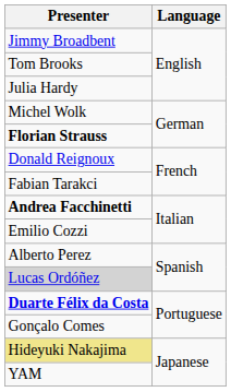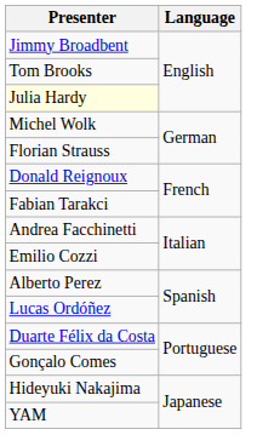 <table class="wikitable">
 <tr>
 <th>Presenter</th>
 <th>Language</th>
 </tr>
 <tr>
 <td><a href='#'>Jimmy Broadbent</a></td>
 <td rowspan="3">English</td>
 </tr>
 <tr>
 <td>Tom Brooks</td>
 </tr>
 <tr>
-<td>Julia Hardy</td>
+<td style="background: lightyellow;">Julia Hardy</td>
 </tr>
 <tr>
 <td>Michel Wolk</td>
 <td rowspan="2">German</td>
 </tr>
 <tr>
-<td><strong>Florian Strauss</strong></td>
+<td>Florian Strauss</td>
 </tr>
 <tr>
 <td><a href='#'>Donald Reignoux</a></td>
 <td rowspan="2">French</td>
 </tr>
 <tr>
 <td>Fabian Tarakci</td>
 </tr>
 <tr>
-<td><strong>Andrea Facchinetti</strong></td>
+<td>Andrea Facchinetti</td>
 <td rowspan="2">Italian</td>
 </tr>
 <tr>
 <td>Emilio Cozzi</td>
 </tr>
 <tr>
 <td>Alberto Perez</td>
 <td rowspan="2">Spanish</td>
 </tr>
 <tr>
-<td style="background: lightgrey;"><a href='#'>Lucas Ordóñez</a></td>
+<td><a href='#'>Lucas Ordóñez</a></td>
 </tr>
 <tr>
-<td><strong><a href='#'>Duarte Félix da Costa</a></strong></td>
+<td><a href='#'>Duarte Félix da Costa</a></td>
 <td rowspan="2">Portuguese</td>
 </tr>
 <tr>
 <td>Gonçalo Comes</td>
 </tr>
 <tr>
-<td style="background: khaki;">Hideyuki Nakajima</td>
+<td>Hideyuki Nakajima</td>
 <td rowspan="2">Japanese</td>
 </tr>
 <tr>
 <td>YAM</td>
 </tr>
 </table>
